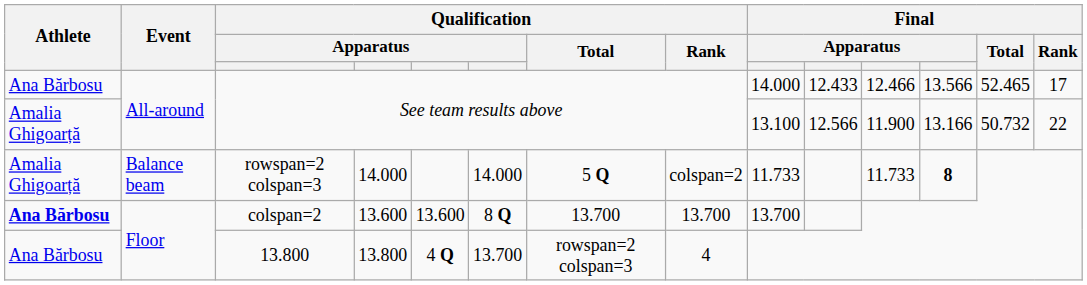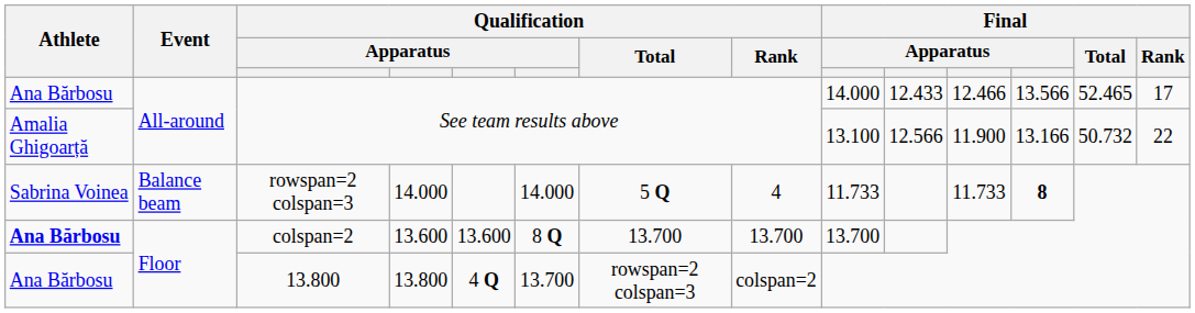 <table class=wikitable style=font-size:90%;text-align:center>
 <tr>
 <th rowspan=3>Athlete</th>
 <th rowspan=3>Event</th>
 <th colspan=6>Qualification</th>
 <th colspan=6>Final</th>
 </tr>
 <tr style=font-size:95%>
 <th colspan=4>Apparatus</th>
 <th rowspan=2>Total</th>
 <th rowspan=2>Rank</th>
 <th colspan=4>Apparatus</th>
 <th rowspan=2>Total</th>
 <th rowspan=2>Rank</th>
 </tr>
 <tr style=font-size:95%>
 <th></th>
 <th></th>
 <th></th>
 <th></th>
 <th></th>
 <th></th>
 <th></th>
 <th></th>
 </tr>
 <tr>
 <td align=left><a href='#'>Ana Bărbosu</a></td>
 <td rowspan=2 align=left><a href='#'>All-around</a></td>
 <td rowspan=2 colspan=6><em>See team results above</em></td>
 <td>14.000</td>
 <td>12.433</td>
 <td>12.466</td>
 <td>13.566</td>
 <td>52.465</td>
 <td>17</td>
 </tr>
 <tr>
 <td align=left><a href='#'>Amalia Ghigoarță</a></td>
 <td>13.100</td>
 <td>12.566</td>
 <td>11.900</td>
 <td>13.166</td>
 <td>50.732</td>
 <td>22</td>
 </tr>
 <tr>
-<td align=left><a href='#'>Amalia Ghigoarță</a></td>
+<td align=left><a href='#'>Sabrina Voinea</a></td>
 <td align=left><a href='#'>Balance beam</a></td>
 <td>rowspan=2 colspan=3 </td>
 <td>14.000</td>
 <td></td>
 <td>14.000</td>
 <td>5 <strong>Q</strong></td>
-<td>colspan=2 </td>
+<td>4</td>
 <td>11.733</td>
 <td></td>
 <td>11.733</td>
 <td><strong>8</strong></td>
 </tr>
 <tr>
 <td align=left><strong><a href='#'>Ana Bărbosu</a></strong></td>
 <td align=left rowspan=2><a href='#'>Floor</a></td>
 <td>colspan=2 </td>
 <td>13.600</td>
 <td>13.600</td>
 <td>8 <strong>Q</strong></td>
 <td>13.700</td>
 <td>13.700</td>
 <td>13.700</td>
 <td></td>
 </tr>
 <tr>
 <td align=left><a href='#'>Ana Bărbosu</a></td>
 <td>13.800</td>
 <td>13.800</td>
 <td>4 <strong>Q</strong></td>
 <td>13.700</td>
 <td>rowspan=2 colspan=3 </td>
-<td>4</td>
+<td>colspan=2 </td>
 </tr>
 </table>
